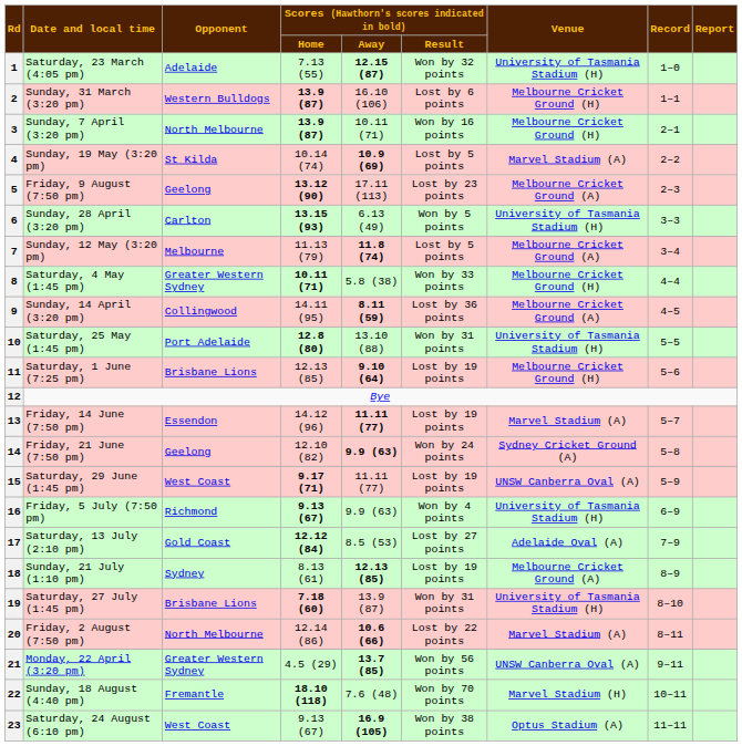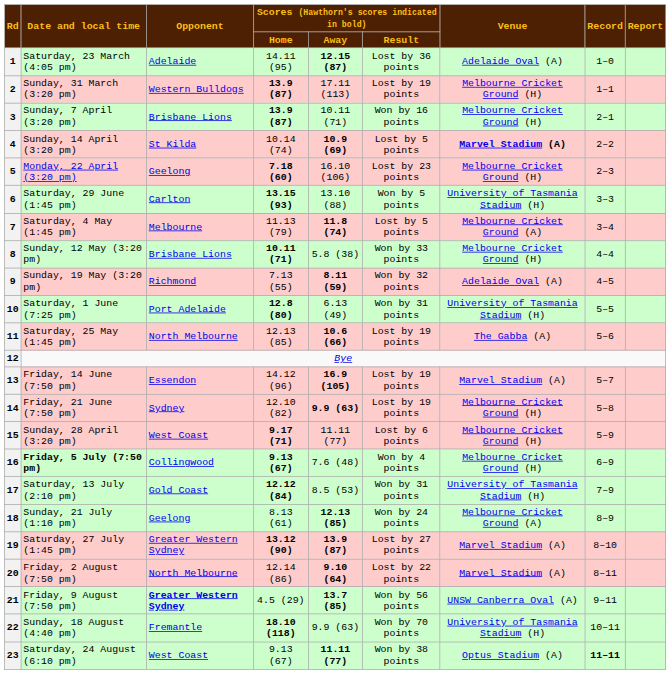 <table class="wikitable" style="text-align:center">
 <tr>
 <th rowspan="2" style="background: #4D2004; color: #FBBF15">Rd</th>
 <th rowspan="2" style="background: #4D2004; color: #FBBF15">Date and local time</th>
 <th rowspan="2" style="background: #4D2004; color: #FBBF15">Opponent</th>
 <th colspan="3" style="background: #4D2004; color: #FBBF15">Scores <small>(Hawthorn's scores indicated in <strong>bold</strong>)</small></th>
 <th rowspan="2" style="background: #4D2004; color: #FBBF15">Venue</th>
 <th rowspan="2" style="background: #4D2004; color: #FBBF15">Record</th>
 <th rowspan="2" style="background: #4D2004; color: #FBBF15">Report</th>
 </tr>
 <tr>
 <th style="background: #4D2004; color: #FBBF15">Home</th>
 <th style="background: #4D2004; color: #FBBF15">Away</th>
 <th style="background: #4D2004; color: #FBBF15">Result</th>
 </tr>
 <tr style="background:#cfc">
 <th>1</th>
 <td align=left>Saturday, 23 March (4:05 pm)</td>
 <td align=left><a href='#'>Adelaide</a></td>
-<td>7.13 (55)</td>
+<td>14.11 (95)</td>
 <td><strong>12.15 (87)</strong></td>
-<td>Won by 32 points</td>
-<td><a href='#'>University of Tasmania Stadium</a> (H)</td>
+<td>Lost by 36 points</td>
+<td><a href='#'>Adelaide Oval</a> (A)</td>
 <td>1–0</td>
 <td></td>
 </tr>
 <tr style="background:#fcc">
 <th>2</th>
 <td align=left>Sunday, 31 March (3:20 pm)</td>
 <td align=left><a href='#'>Western Bulldogs</a></td>
 <td><strong>13.9 (87)</strong></td>
-<td>16.10 (106)</td>
-<td>Lost by 6 points</td>
+<td>17.11 (113)</td>
+<td>Lost by 19 points</td>
 <td><a href='#'>Melbourne Cricket Ground</a> (H)</td>
 <td>1–1</td>
 <td></td>
 </tr>
 <tr style="background:#cfc">
 <th>3</th>
 <td align=left>Sunday, 7 April (3:20 pm)</td>
-<td align=left><a href='#'>North Melbourne</a></td>
+<td align=left><a href='#'>Brisbane Lions</a></td>
 <td><strong>13.9 (87)</strong></td>
 <td>10.11 (71)</td>
 <td>Won by 16 points</td>
 <td><a href='#'>Melbourne Cricket Ground</a> (H)</td>
 <td>2–1</td>
 <td></td>
 </tr>
 <tr style="background:#fcc">
 <th>4</th>
-<td align=left>Sunday, 19 May (3:20 pm)</td>
+<td align=left>Sunday, 14 April (3:20 pm)</td>
 <td align=left><a href='#'>St Kilda</a></td>
 <td>10.14 (74)</td>
 <td><strong>10.9 (69)</strong></td>
 <td>Lost by 5 points</td>
-<td><a href='#'>Marvel Stadium</a> (A)</td>
+<td><strong><a href='#'>Marvel Stadium</a> (A)</strong></td>
 <td>2–2</td>
 <td></td>
 </tr>
 <tr style="background:#fcc">
 <th>5</th>
-<td align=left>Friday, 9 August (7:50 pm)</td>
+<td align=left><a href='#'>Monday, 22 April (3:20 pm)</a></td>
 <td align=left><a href='#'>Geelong</a></td>
-<td><strong>13.12 (90)</strong></td>
-<td>17.11 (113)</td>
+<td><strong>7.18 (60)</strong></td>
+<td>16.10 (106)</td>
 <td>Lost by 23 points</td>
-<td><a href='#'>Melbourne Cricket Ground</a> (A)</td>
+<td><a href='#'>Melbourne Cricket Ground</a> (H)</td>
 <td>2–3</td>
 <td></td>
 </tr>
 <tr style="background:#cfc">
 <th>6</th>
-<td align=left>Sunday, 28 April (3:20 pm)</td>
+<td align=left>Saturday, 29 June (1:45 pm)</td>
 <td align=left><a href='#'>Carlton</a></td>
 <td><strong>13.15 (93)</strong></td>
-<td>6.13 (49)</td>
+<td>13.10 (88)</td>
 <td>Won by 5 points</td>
 <td><a href='#'>University of Tasmania Stadium</a> (H)</td>
 <td>3–3</td>
 <td></td>
 </tr>
 <tr style="background:#fcc">
 <th>7</th>
-<td align=left>Sunday, 12 May (3:20 pm)</td>
+<td align=left>Saturday, 4 May (1:45 pm)</td>
 <td align=left><a href='#'>Melbourne</a></td>
 <td>11.13 (79)</td>
 <td><strong>11.8 (74)</strong></td>
 <td>Lost by 5 points</td>
 <td><a href='#'>Melbourne Cricket Ground</a> (A)</td>
 <td>3–4</td>
 <td></td>
 </tr>
 <tr style="background:#cfc">
 <th>8</th>
-<td align=left>Saturday, 4 May (1:45 pm)</td>
-<td align=left><a href='#'>Greater Western Sydney</a></td>
+<td align=left>Sunday, 12 May (3:20 pm)</td>
+<td align=left><a href='#'>Brisbane Lions</a></td>
 <td><strong>10.11 (71)</strong></td>
 <td>5.8 (38)</td>
 <td>Won by 33 points</td>
 <td><a href='#'>Melbourne Cricket Ground</a> (H)</td>
 <td>4–4</td>
 <td></td>
 </tr>
 <tr style="background:#fcc">
 <th>9</th>
-<td align=left>Sunday, 14 April (3:20 pm)</td>
-<td align=left><a href='#'>Collingwood</a></td>
-<td>14.11 (95)</td>
+<td align=left>Sunday, 19 May (3:20 pm)</td>
+<td align=left><a href='#'>Richmond</a></td>
+<td>7.13 (55)</td>
 <td><strong>8.11 (59)</strong></td>
-<td>Lost by 36 points</td>
-<td><a href='#'>Melbourne Cricket Ground</a> (A)</td>
+<td>Won by 32 points</td>
+<td><a href='#'>Adelaide Oval</a> (A)</td>
 <td>4–5</td>
 <td></td>
 </tr>
 <tr style="background:#cfc">
 <th>10</th>
-<td align=left>Saturday, 25 May (1:45 pm)</td>
+<td align=left>Saturday, 1 June (7:25 pm)</td>
 <td align=left><a href='#'>Port Adelaide</a></td>
 <td><strong>12.8 (80)</strong></td>
-<td>13.10 (88)</td>
+<td>6.13 (49)</td>
 <td>Won by 31 points</td>
 <td><a href='#'>University of Tasmania Stadium</a> (H)</td>
 <td>5–5</td>
 <td></td>
 </tr>
 <tr style="background:#fcc">
 <th>11</th>
-<td align=left>Saturday, 1 June (7:25 pm)</td>
-<td align=left><a href='#'>Brisbane Lions</a></td>
+<td align=left>Saturday, 25 May (1:45 pm)</td>
+<td align=left><a href='#'>North Melbourne</a></td>
 <td>12.13 (85)</td>
-<td><strong>9.10 (64)</strong></td>
+<td><strong>10.6 (66)</strong></td>
 <td>Lost by 19 points</td>
-<td><a href='#'>Melbourne Cricket Ground</a> (H)</td>
+<td><a href='#'>The Gabba</a> (A)</td>
 <td>5–6</td>
 <td></td>
 </tr>
 <tr>
 <th>12</th>
 <td colspan="8"><a href='#'><em>Bye</em></a></td>
 </tr>
 <tr style="background:#fcc">
 <th>13</th>
 <td align=left>Friday, 14 June (7:50 pm)</td>
 <td align=left><a href='#'>Essendon</a></td>
 <td>14.12 (96)</td>
-<td><strong>11.11 (77)</strong></td>
+<td><strong>16.9 (105)</strong></td>
 <td>Lost by 19 points</td>
 <td><a href='#'>Marvel Stadium</a> (A)</td>
 <td>5–7</td>
 <td></td>
 </tr>
 <tr style="background:#fcc">
 <th>14</th>
 <td align=left>Friday, 21 June (7:50 pm)</td>
-<td align=left><a href='#'>Geelong</a></td>
+<td align=left><a href='#'>Sydney</a></td>
 <td>12.10 (82)</td>
 <td><strong>9.9 (63)</strong></td>
-<td>Won by 24 points</td>
-<td><a href='#'>Sydney Cricket Ground</a> (A)</td>
+<td>Lost by 19 points</td>
+<td><a href='#'>Melbourne Cricket Ground</a> (H)</td>
 <td>5–8</td>
 <td></td>
 </tr>
 <tr style="background:#fcc">
 <th>15</th>
-<td align=left>Saturday, 29 June (1:45 pm)</td>
+<td align=left>Sunday, 28 April (3:20 pm)</td>
 <td align=left><a href='#'>West Coast</a></td>
 <td><strong>9.17 (71)</strong></td>
 <td>11.11 (77)</td>
-<td>Lost by 19 points</td>
-<td><a href='#'>UNSW Canberra Oval</a> (A)</td>
+<td>Lost by 6 points</td>
+<td><a href='#'>Melbourne Cricket Ground</a> (H)</td>
 <td>5–9</td>
 <td></td>
 </tr>
 <tr style="background:#cfc">
 <th>16</th>
-<td align=left>Friday, 5 July (7:50 pm)</td>
-<td align=left><a href='#'>Richmond</a></td>
+<td align=left><strong>Friday, 5 July (7:50 pm)</strong></td>
+<td align=left><a href='#'>Collingwood</a></td>
 <td><strong>9.13 (67)</strong></td>
-<td>9.9 (63)</td>
+<td>7.6 (48)</td>
 <td>Won by 4 points</td>
-<td><a href='#'>University of Tasmania Stadium</a> (H)</td>
+<td><a href='#'>Melbourne Cricket Ground</a> (H)</td>
 <td>6–9</td>
 <td></td>
 </tr>
 <tr style="background:#cfc">
 <th>17</th>
 <td align=left>Saturday, 13 July (2:10 pm)</td>
 <td align=left><a href='#'>Gold Coast</a></td>
 <td><strong>12.12 (84)</strong></td>
 <td>8.5 (53)</td>
-<td>Lost by 27 points</td>
-<td><a href='#'>Adelaide Oval</a> (A)</td>
+<td>Won by 31 points</td>
+<td><a href='#'>University of Tasmania Stadium</a> (H)</td>
 <td>7–9</td>
 <td></td>
 </tr>
 <tr style="background:#cfc">
 <th>18</th>
 <td align=left>Sunday, 21 July (1:10 pm)</td>
-<td align=left><a href='#'>Sydney</a></td>
+<td align=left><a href='#'>Geelong</a></td>
 <td>8.13 (61)</td>
 <td><strong>12.13 (85)</strong></td>
-<td>Lost by 19 points</td>
+<td>Won by 24 points</td>
 <td><a href='#'>Melbourne Cricket Ground</a> (A)</td>
 <td>8–9</td>
 <td></td>
 </tr>
 <tr style="background:#fcc">
 <th>19</th>
 <td align=left>Saturday, 27 July (1:45 pm)</td>
-<td align=left><a href='#'>Brisbane Lions</a></td>
-<td><strong>7.18 (60)</strong></td>
-<td>13.9 (87)</td>
-<td>Won by 31 points</td>
-<td><a href='#'>University of Tasmania Stadium</a> (H)</td>
+<td align=left><a href='#'>Greater Western Sydney</a></td>
+<td><strong>13.12 (90)</strong></td>
+<td><strong>13.9 (87)</strong></td>
+<td>Lost by 27 points</td>
+<td><a href='#'>Marvel Stadium</a> (A)</td>
 <td>8–10</td>
 <td></td>
 </tr>
 <tr style="background:#fcc">
 <th>20</th>
 <td align=left>Friday, 2 August (7:50 pm)</td>
 <td align=left><a href='#'>North Melbourne</a></td>
 <td>12.14 (86)</td>
-<td><strong>10.6 (66)</strong></td>
+<td><strong>9.10 (64)</strong></td>
 <td>Lost by 22 points</td>
 <td><a href='#'>Marvel Stadium</a> (A)</td>
 <td>8–11</td>
 <td></td>
 </tr>
 <tr style="background:#cfc">
 <th>21</th>
-<td align=left><a href='#'>Monday, 22 April (3:20 pm)</a></td>
-<td align=left><a href='#'>Greater Western Sydney</a></td>
+<td align=left>Friday, 9 August (7:50 pm)</td>
+<td align=left><strong><a href='#'>Greater Western Sydney</a></strong></td>
 <td>4.5 (29)</td>
 <td><strong>13.7 (85)</strong></td>
 <td>Won by 56 points</td>
 <td><a href='#'>UNSW Canberra Oval</a> (A)</td>
 <td>9–11</td>
 <td></td>
 </tr>
 <tr style="background:#cfc">
 <th>22</th>
 <td align=left>Sunday, 18 August (4:40 pm)</td>
 <td align=left><a href='#'>Fremantle</a></td>
 <td><strong>18.10 (118)</strong></td>
-<td>7.6 (48)</td>
+<td>9.9 (63)</td>
 <td>Won by 70 points</td>
-<td><a href='#'>Marvel Stadium</a> (H)</td>
+<td><a href='#'>University of Tasmania Stadium</a> (H)</td>
 <td>10–11</td>
 <td></td>
 </tr>
 <tr style="background:#cfc">
 <th>23</th>
 <td align=left>Saturday, 24 August (6:10 pm)</td>
 <td align=left><a href='#'>West Coast</a></td>
 <td>9.13 (67)</td>
-<td><strong>16.9 (105)</strong></td>
+<td><strong>11.11 (77)</strong></td>
 <td>Won by 38 points</td>
 <td><a href='#'>Optus Stadium</a> (A)</td>
-<td>11–11</td>
+<td><strong>11–11</strong></td>
 <td></td>
 </tr>
 </table>
